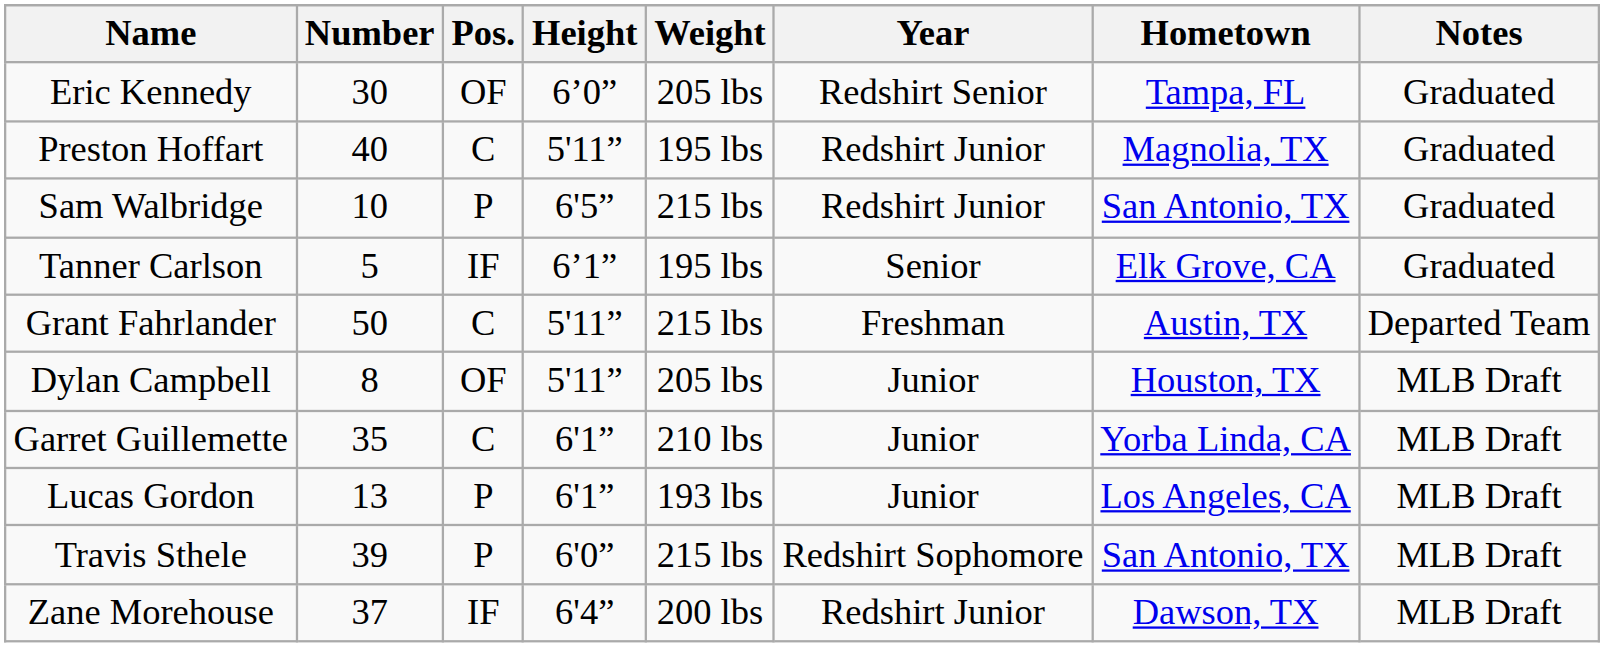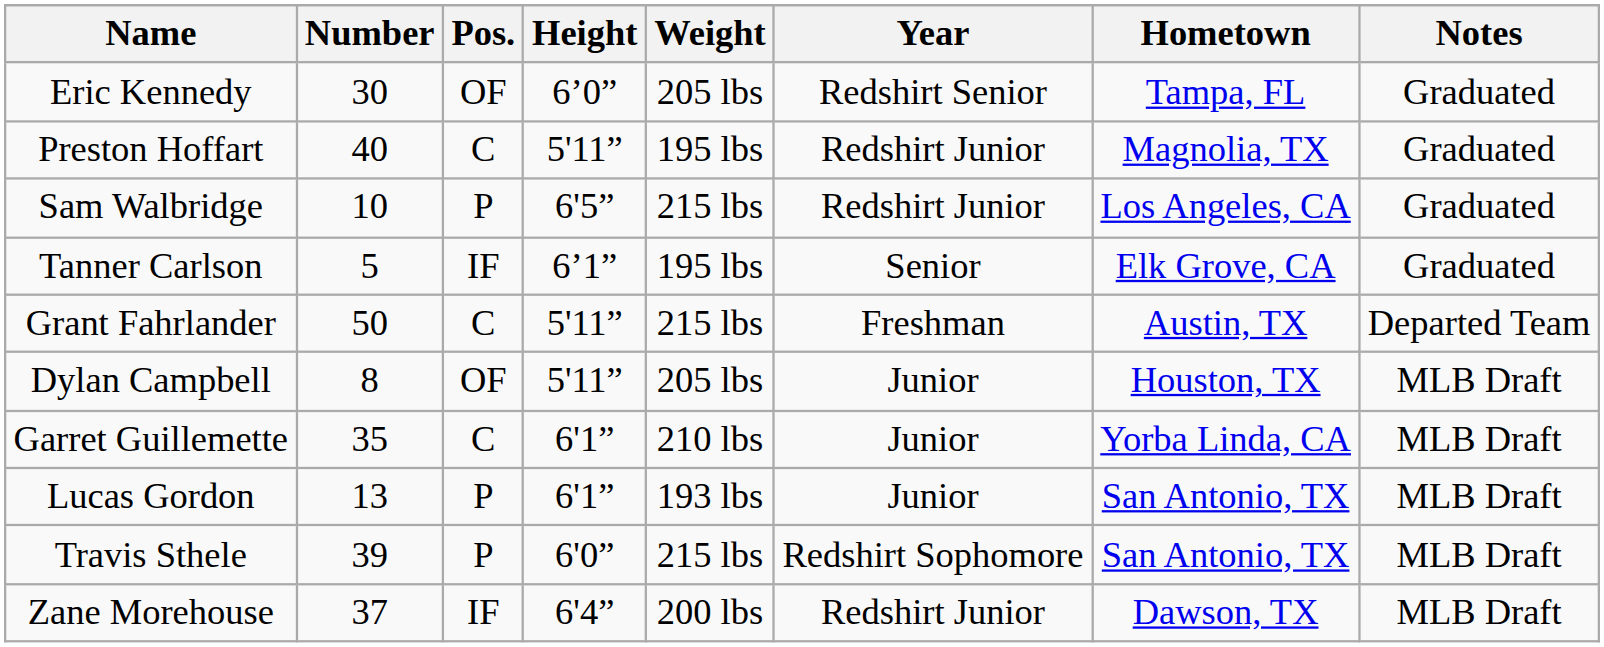 <table class="wikitable sortable">
 <tr>
 </tr>
 <tr>
 <th style="text-align:center; ">Name</th>
 <th style="text-align:center; ">Number</th>
 <th style="text-align:center; ">Pos.</th>
 <th style="text-align:center; ">Height</th>
 <th style="text-align:center; ">Weight</th>
 <th style="text-align:center; ">Year</th>
 <th style="text-align:center; ">Hometown</th>
 <th style="text-align:center; ">Notes</th>
 </tr>
 <tr align="center">
 <td>Eric Kennedy</td>
 <td>30</td>
 <td>OF</td>
 <td>6’0”</td>
 <td>205 lbs</td>
 <td>Redshirt Senior</td>
 <td><a href='#'>Tampa, FL</a></td>
 <td>Graduated</td>
 </tr>
 <tr align="center">
 <td>Preston Hoffart</td>
 <td>40</td>
 <td>C</td>
 <td>5'11”</td>
 <td>195 lbs</td>
 <td>Redshirt Junior</td>
 <td><a href='#'>Magnolia, TX</a></td>
 <td>Graduated</td>
 </tr>
 <tr align="center">
 <td>Sam Walbridge</td>
 <td>10</td>
 <td>P</td>
 <td>6'5”</td>
 <td>215 lbs</td>
 <td>Redshirt Junior</td>
-<td><a href='#'>San Antonio, TX</a></td>
+<td><a href='#'>Los Angeles, CA</a></td>
 <td>Graduated</td>
 </tr>
 <tr align="center">
 <td>Tanner Carlson</td>
 <td>5</td>
 <td>IF</td>
 <td>6’1”</td>
 <td>195 lbs</td>
 <td>Senior</td>
 <td><a href='#'>Elk Grove, CA</a></td>
 <td>Graduated</td>
 </tr>
 <tr align="center">
 <td>Grant Fahrlander</td>
 <td>50</td>
 <td>C</td>
 <td>5'11”</td>
 <td>215 lbs</td>
 <td>Freshman</td>
 <td><a href='#'>Austin, TX</a></td>
 <td>Departed Team</td>
 </tr>
 <tr align="center">
 <td>Dylan Campbell</td>
 <td>8</td>
 <td>OF</td>
 <td>5'11”</td>
 <td>205 lbs</td>
 <td>Junior</td>
 <td><a href='#'>Houston, TX</a></td>
 <td>MLB Draft</td>
 </tr>
 <tr align="center">
 <td>Garret Guillemette</td>
 <td>35</td>
 <td>C</td>
 <td>6'1”</td>
 <td>210 lbs</td>
 <td>Junior</td>
 <td><a href='#'>Yorba Linda, CA</a></td>
 <td>MLB Draft</td>
 </tr>
 <tr align="center">
 <td>Lucas Gordon</td>
 <td>13</td>
 <td>P</td>
 <td>6'1”</td>
 <td>193 lbs</td>
 <td>Junior</td>
-<td><a href='#'>Los Angeles, CA</a></td>
+<td><a href='#'>San Antonio, TX</a></td>
 <td>MLB Draft</td>
 </tr>
 <tr align="center">
 <td>Travis Sthele</td>
 <td>39</td>
 <td>P</td>
 <td>6'0”</td>
 <td>215 lbs</td>
 <td>Redshirt Sophomore</td>
 <td><a href='#'>San Antonio, TX</a></td>
 <td>MLB Draft</td>
 </tr>
 <tr align="center">
 <td>Zane Morehouse</td>
 <td>37</td>
 <td>IF</td>
 <td>6'4”</td>
 <td>200 lbs</td>
 <td>Redshirt Junior</td>
 <td><a href='#'>Dawson, TX</a></td>
 <td>MLB Draft</td>
 </tr>
 </table>
